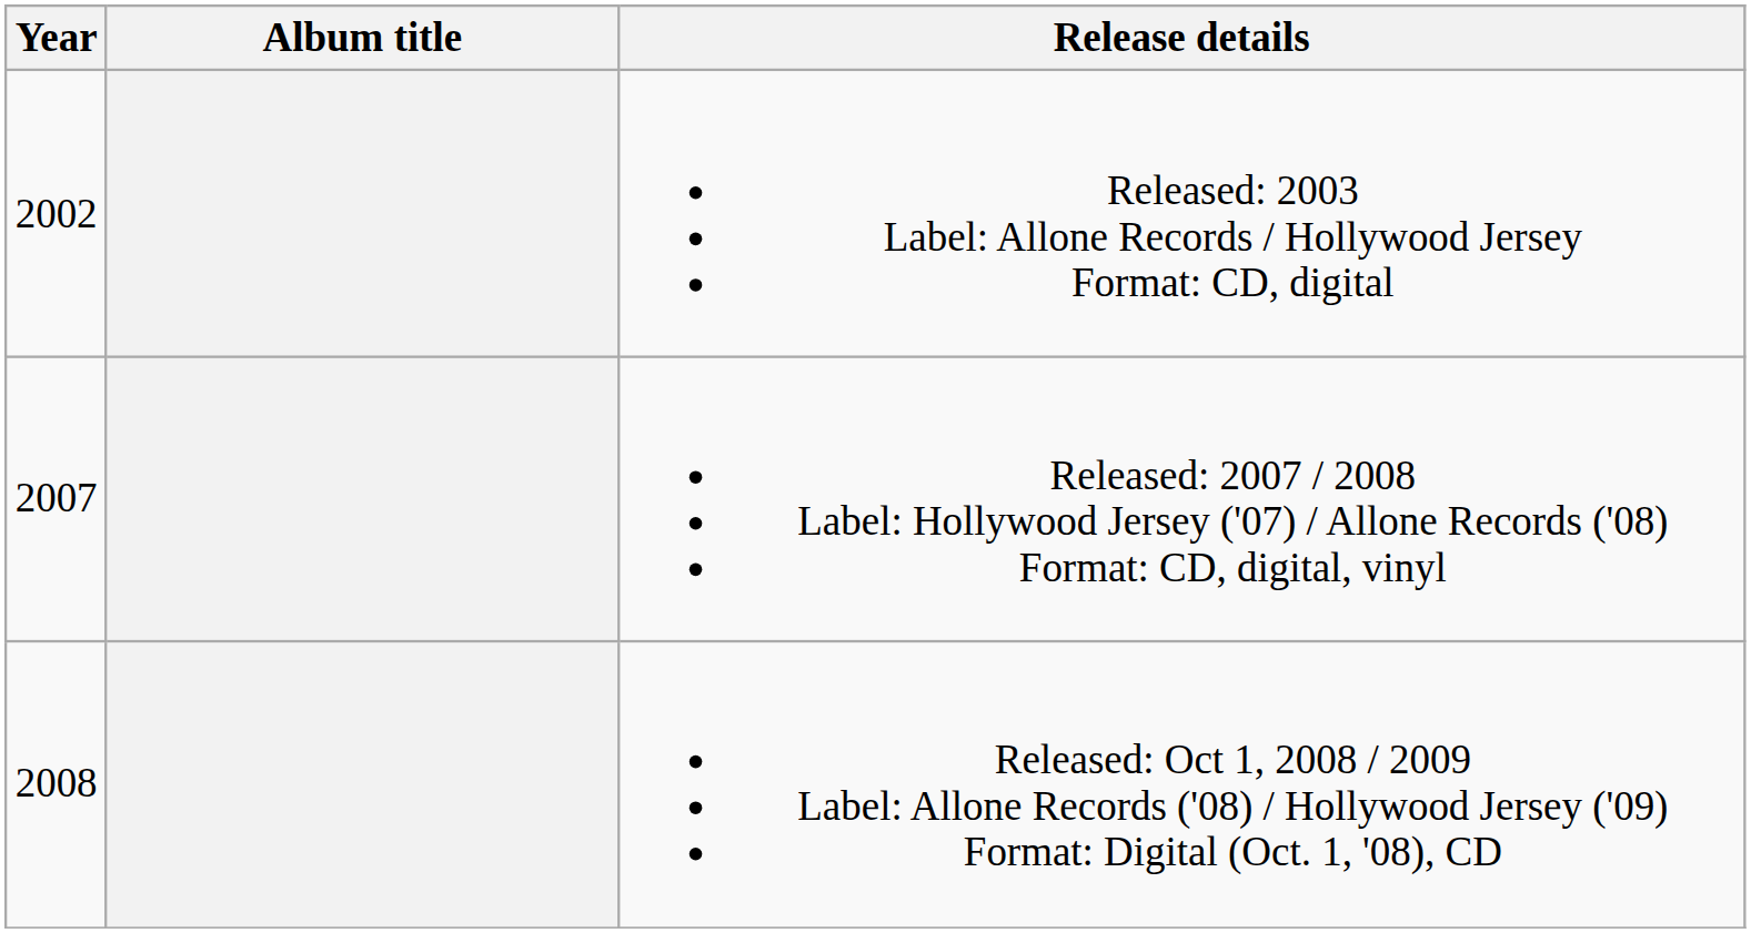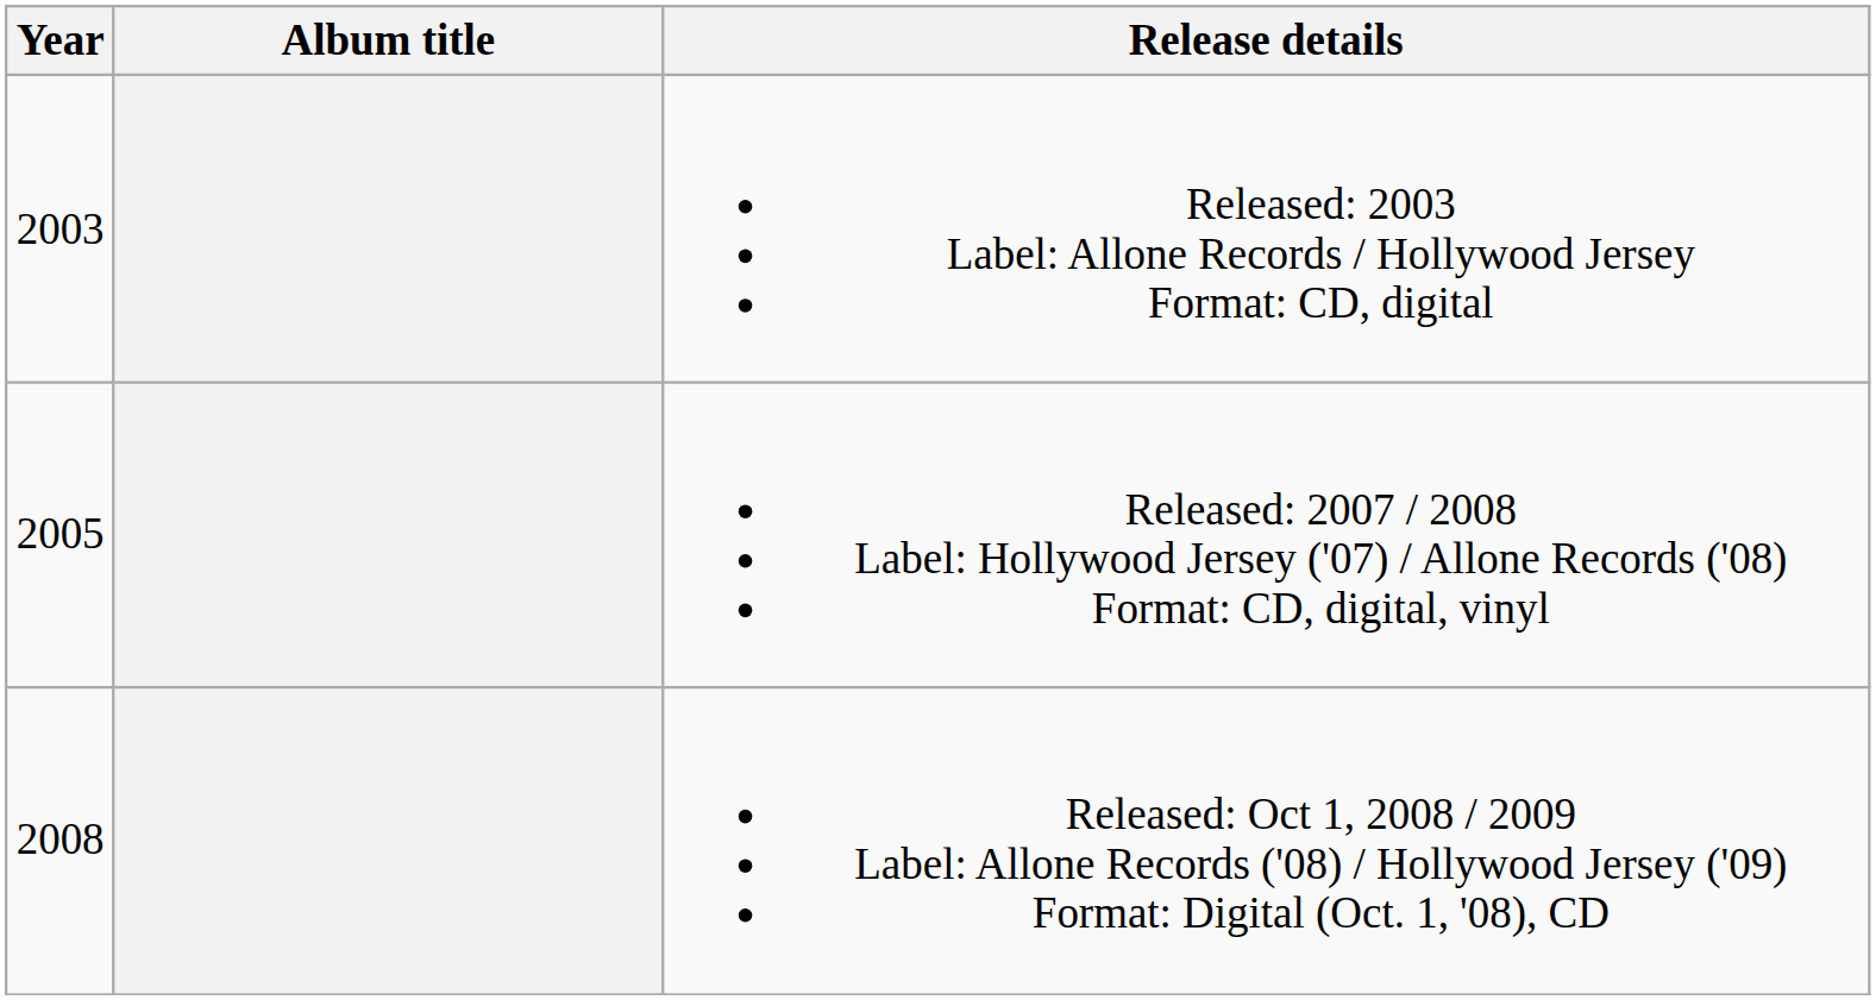 <table class="wikitable plainrowheaders" style="text-align:center;">
 <tr>
 <th>Year</th>
 <th scope="col" rowspan="1" style="width:12em;">Album title</th>
 <th scope="col" rowspan="1" style="width:27em;">Release details</th>
 </tr>
 <tr>
-<td>2002</td>
+<td>2003</td>
 <th></th>
 <td><br><ul><li>Released: 2003</li><li>Label: Allone Records / Hollywood Jersey</li><li>Format: CD, digital</li></ul></td>
 </tr>
 <tr>
-<td>2007</td>
+<td>2005</td>
 <th></th>
 <td><br><ul><li>Released: 2007 / 2008</li><li>Label: Hollywood Jersey ('07) / Allone Records ('08)</li><li>Format: CD, digital, vinyl</li></ul></td>
 </tr>
 <tr>
 <td>2008</td>
 <th></th>
 <td><br><ul><li>Released: Oct 1, 2008 / 2009</li><li>Label: Allone Records ('08) / Hollywood Jersey ('09)</li><li>Format: Digital (Oct. 1, '08), CD</li></ul></td>
 </tr>
 <tr>
 </tr>
 </table>
